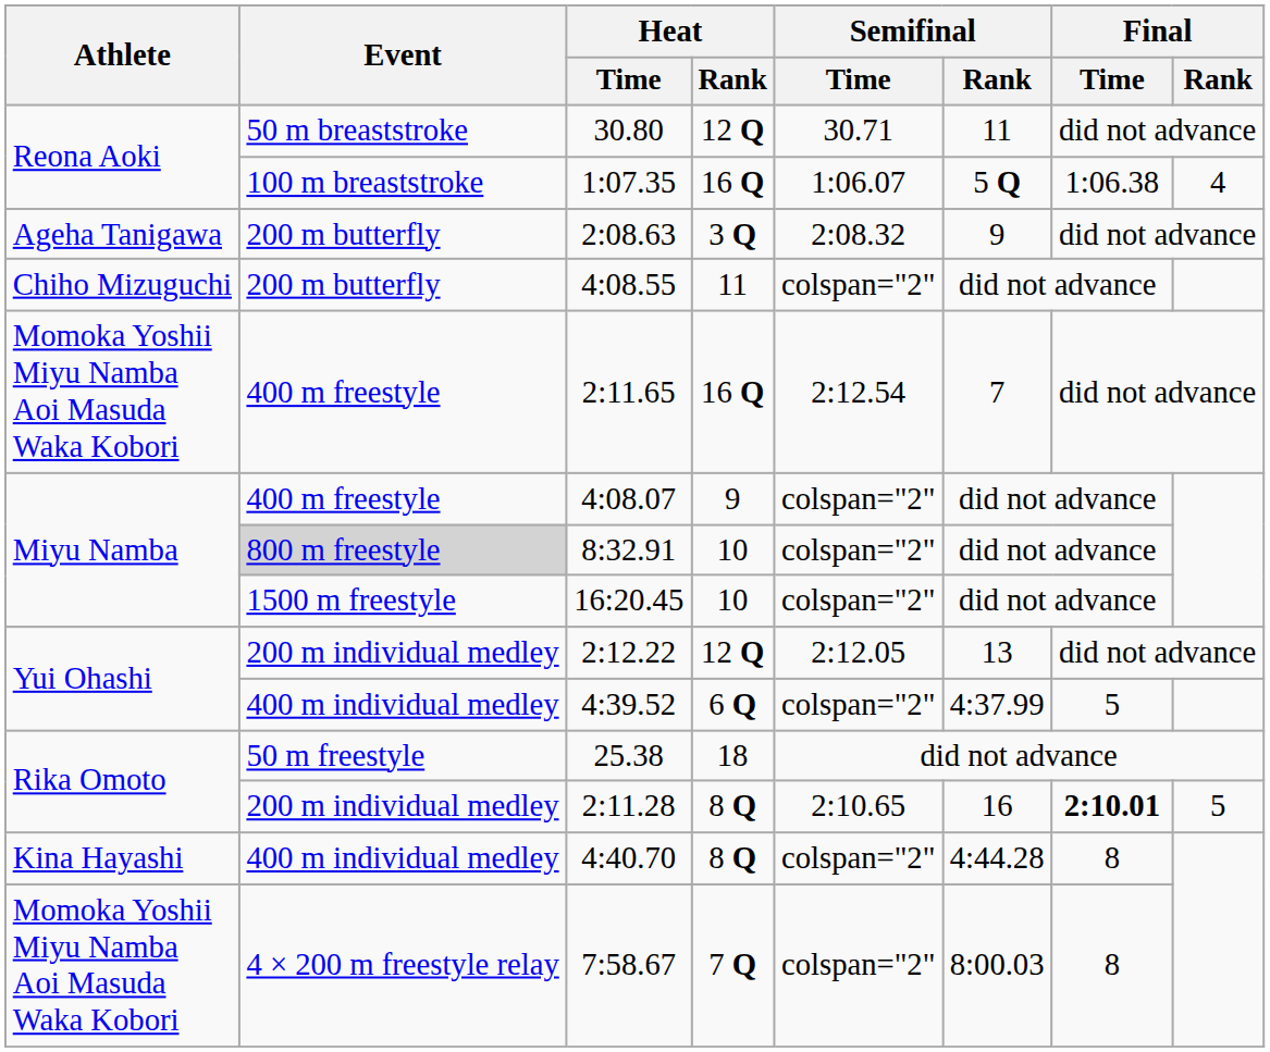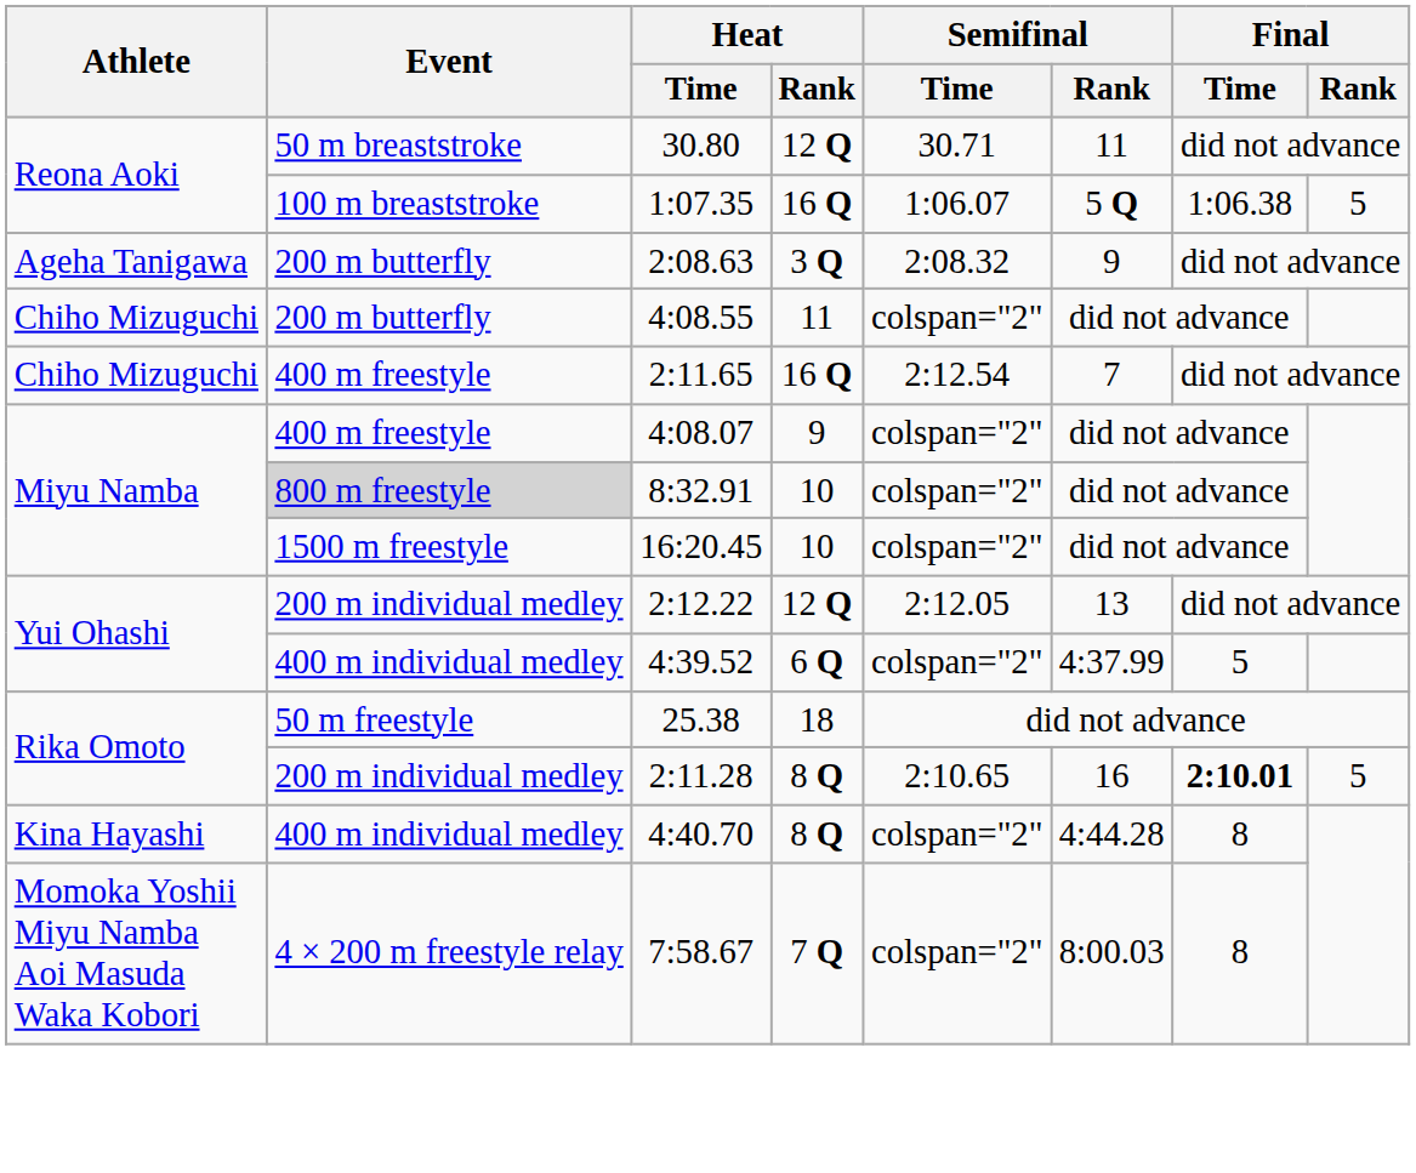 <table class="wikitable" style="text-align:center; font-size:90%">
 <tr>
 <th rowspan="2">Athlete</th>
 <th rowspan="2">Event</th>
 <th colspan="2">Heat</th>
 <th colspan="2">Semifinal</th>
 <th colspan="2">Final</th>
 </tr>
 <tr style="font-size:95%">
 <th>Time</th>
 <th>Rank</th>
 <th>Time</th>
 <th>Rank</th>
 <th>Time</th>
 <th>Rank</th>
 </tr>
 <tr align=center>
 <td align=left rowspan="2"><a href='#'>Reona Aoki</a></td>
 <td align=left><a href='#'>50 m breaststroke</a></td>
 <td>30.80</td>
 <td>12 <strong>Q</strong></td>
 <td>30.71</td>
 <td>11</td>
 <td colspan="2">did not advance</td>
 </tr>
 <tr align=center>
 <td align=left><a href='#'>100 m breaststroke</a></td>
 <td>1:07.35</td>
 <td>16 <strong>Q</strong></td>
 <td>1:06.07</td>
 <td>5 <strong>Q</strong></td>
 <td>1:06.38</td>
-<td>4</td>
+<td>5</td>
 </tr>
 <tr align=center>
 <td align=left><a href='#'>Ageha Tanigawa</a></td>
 <td align=left><a href='#'>200 m butterfly</a></td>
 <td>2:08.63</td>
 <td>3 <strong>Q</strong></td>
 <td>2:08.32</td>
 <td>9</td>
 <td colspan="2">did not advance</td>
 </tr>
 <tr align=center>
 <td align=left><a href='#'>Chiho Mizuguchi</a></td>
 <td align=left><a href='#'>200 m butterfly</a></td>
 <td>4:08.55</td>
 <td>11</td>
 <td>colspan="2" </td>
 <td colspan="2">did not advance</td>
 </tr>
 <tr align=center>
-<td align=left><a href='#'>Momoka Yoshii</a><br><a href='#'>Miyu Namba</a><br><a href='#'>Aoi Masuda</a><br><a href='#'>Waka Kobori</a></td>
+<td align=left><a href='#'>Chiho Mizuguchi</a></td>
 <td align=left><a href='#'>400 m freestyle</a></td>
 <td>2:11.65</td>
 <td>16 <strong>Q</strong></td>
 <td>2:12.54</td>
 <td>7</td>
 <td colspan="2">did not advance</td>
 </tr>
 <tr align=center>
 <td align=left rowspan="3"><a href='#'>Miyu Namba</a></td>
 <td align=left><a href='#'>400 m freestyle</a></td>
 <td>4:08.07</td>
 <td>9</td>
 <td>colspan="2" </td>
 <td colspan="2">did not advance</td>
 </tr>
 <tr align=center>
 <td align=left style="background: lightgrey;"><a href='#'>800 m freestyle</a></td>
 <td>8:32.91</td>
 <td>10</td>
 <td>colspan="2" </td>
 <td colspan="2">did not advance</td>
 </tr>
 <tr align=center>
 <td align=left><a href='#'>1500 m freestyle</a></td>
 <td>16:20.45</td>
 <td>10</td>
 <td>colspan="2" </td>
 <td colspan="2">did not advance</td>
 </tr>
 <tr align=center>
 <td align=left rowspan="2"><a href='#'>Yui Ohashi</a></td>
 <td align=left><a href='#'>200 m individual medley</a></td>
 <td>2:12.22</td>
 <td>12 <strong>Q</strong></td>
 <td>2:12.05</td>
 <td>13</td>
 <td colspan="2">did not advance</td>
 </tr>
 <tr align=center>
 <td align=left><a href='#'>400 m individual medley</a></td>
 <td>4:39.52</td>
 <td>6 <strong>Q</strong></td>
 <td>colspan="2" </td>
 <td>4:37.99</td>
 <td>5</td>
 </tr>
 <tr align=center>
 <td align=left rowspan="2"><a href='#'>Rika Omoto</a></td>
 <td align=left><a href='#'>50 m freestyle</a></td>
 <td>25.38</td>
 <td>18</td>
 <td colspan="4">did not advance</td>
 </tr>
 <tr align=center>
 <td align=left><a href='#'>200 m individual medley</a></td>
 <td>2:11.28</td>
 <td>8 <strong>Q</strong></td>
 <td>2:10.65</td>
 <td>16</td>
 <td><strong>2:10.01</strong></td>
 <td>5</td>
 </tr>
 <tr align=center>
 <td align=left><a href='#'>Kina Hayashi</a></td>
 <td align=left><a href='#'>400 m individual medley</a></td>
 <td>4:40.70</td>
 <td>8 <strong>Q</strong></td>
 <td>colspan="2" </td>
 <td>4:44.28</td>
 <td>8</td>
 </tr>
 <tr align=center>
 <td align=left><a href='#'>Momoka Yoshii</a><br><a href='#'>Miyu Namba</a><br><a href='#'>Aoi Masuda</a><br><a href='#'>Waka Kobori</a></td>
 <td align=left><a href='#'>4 × 200 m freestyle relay</a></td>
 <td>7:58.67</td>
 <td>7 <strong>Q</strong></td>
 <td>colspan="2" </td>
 <td>8:00.03</td>
 <td>8</td>
 </tr>
 </table>
